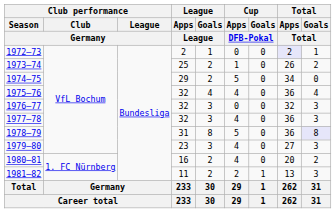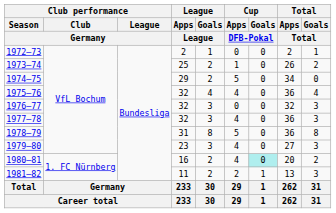 <table class="wikitable" style="text-align:center">
 <tr>
 <th colspan=3>Club performance</th>
 <th colspan=2>League</th>
 <th colspan=2>Cup</th>
 <th colspan=2>Total</th>
 </tr>
 <tr>
 <th>Season</th>
 <th>Club</th>
 <th>League</th>
 <th>Apps</th>
 <th>Goals</th>
 <th>Apps</th>
 <th>Goals</th>
 <th>Apps</th>
 <th>Goals</th>
 </tr>
 <tr>
 <th colspan=3>Germany</th>
 <th colspan=2>League</th>
 <th colspan=2><a href='#'>DFB-Pokal</a></th>
 <th colspan=2>Total</th>
 </tr>
 <tr>
 <td><a href='#'>1972–73</a></td>
 <td rowspan="8"><a href='#'>VfL Bochum</a></td>
 <td rowspan="10"><a href='#'>Bundesliga</a></td>
 <td>2</td>
 <td>1</td>
 <td>0</td>
 <td>0</td>
-<td style="background: lavender;">2</td>
+<td>2</td>
 <td>1</td>
 </tr>
 <tr>
 <td><a href='#'>1973–74</a></td>
 <td>25</td>
 <td>2</td>
 <td>1</td>
 <td>0</td>
 <td>26</td>
 <td>2</td>
 </tr>
 <tr>
 <td><a href='#'>1974–75</a></td>
 <td>29</td>
 <td>2</td>
 <td>5</td>
 <td>0</td>
 <td>34</td>
 <td>0</td>
 </tr>
 <tr>
 <td><a href='#'>1975–76</a></td>
 <td>32</td>
 <td>4</td>
 <td>4</td>
 <td>0</td>
 <td>36</td>
 <td>4</td>
 </tr>
 <tr>
 <td><a href='#'>1976–77</a></td>
 <td>32</td>
 <td>3</td>
 <td>0</td>
 <td>0</td>
 <td>32</td>
 <td>3</td>
 </tr>
 <tr>
 <td><a href='#'>1977–78</a></td>
 <td>32</td>
 <td>3</td>
 <td>4</td>
 <td>0</td>
 <td>36</td>
 <td>3</td>
 </tr>
 <tr>
 <td><a href='#'>1978–79</a></td>
 <td>31</td>
 <td>8</td>
 <td>5</td>
 <td>0</td>
 <td>36</td>
-<td style="background: lavender;">8</td>
+<td>8</td>
 </tr>
 <tr>
 <td><a href='#'>1979–80</a></td>
 <td>23</td>
 <td>3</td>
 <td>4</td>
 <td>0</td>
 <td>27</td>
 <td>3</td>
 </tr>
 <tr>
 <td><a href='#'>1980–81</a></td>
 <td rowspan="2"><a href='#'>1. FC Nürnberg</a></td>
 <td>16</td>
 <td>2</td>
 <td>4</td>
-<td>0</td>
+<td style="background: paleturquoise;">0</td>
 <td>20</td>
 <td>2</td>
 </tr>
 <tr>
 <td><a href='#'>1981–82</a></td>
 <td>11</td>
 <td>2</td>
 <td>2</td>
 <td>1</td>
 <td>13</td>
 <td>3</td>
 </tr>
 <tr>
 <th rowspan=1>Total</th>
 <th colspan=2>Germany</th>
 <th>233</th>
 <th>30</th>
 <th>29</th>
 <th>1</th>
 <th>262</th>
 <th>31</th>
 </tr>
 <tr>
 <th colspan=3>Career total</th>
 <th>233</th>
 <th>30</th>
 <th>29</th>
 <th>1</th>
 <th>262</th>
 <th>31</th>
 </tr>
 </table>
